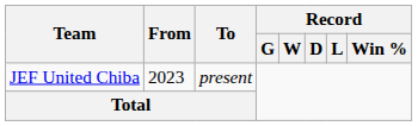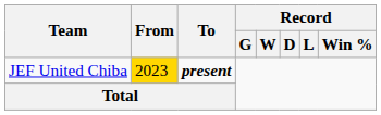 <table class="wikitable" style="text-align: left">
 <tr>
 <th rowspan="2">Team</th>
 <th rowspan="2">From</th>
 <th rowspan="2">To</th>
 <th colspan="8">Record</th>
 </tr>
 <tr>
 <th>G</th>
 <th>W</th>
 <th>D</th>
 <th>L</th>
 <th>Win %</th>
 </tr>
 <tr>
 <td><a href='#'>JEF United Chiba</a></td>
-<td>2023</td>
-<td><em>present</em><br></td>
+<td style="background: gold;">2023</td>
+<td><strong><em>present</em><br></strong></td>
 </tr>
 <tr>
 <th colspan="3">Total<br></th>
 </tr>
 </table>
